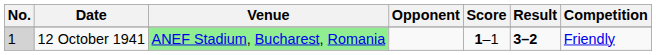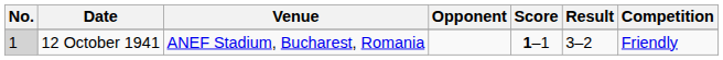 <table class="wikitable sortable plainrowheaders">
 <tr>
 <th scope=col>No.</th>
 <th scope=col>Date</th>
 <th scope=col>Venue</th>
 <th scope=col>Opponent</th>
 <th scope=col>Score</th>
 <th scope=col>Result</th>
 <th scope=col>Competition</th>
 </tr>
 <tr>
 </tr>
 <tr>
 <td style="background: lightgrey;">1</td>
 <td>12 October 1941</td>
-<td style="background: lightgreen;"><a href='#'>ANEF Stadium</a>, <a href='#'>Bucharest</a>, <a href='#'>Romania</a></td>
+<td><a href='#'>ANEF Stadium</a>, <a href='#'>Bucharest</a>, <a href='#'>Romania</a></td>
 <td></td>
 <td align="center"><strong>1</strong>–1</td>
-<td><strong>3–2</strong></td>
+<td>3–2</td>
 <td><a href='#'>Friendly</a></td>
 </tr>
 </table>
